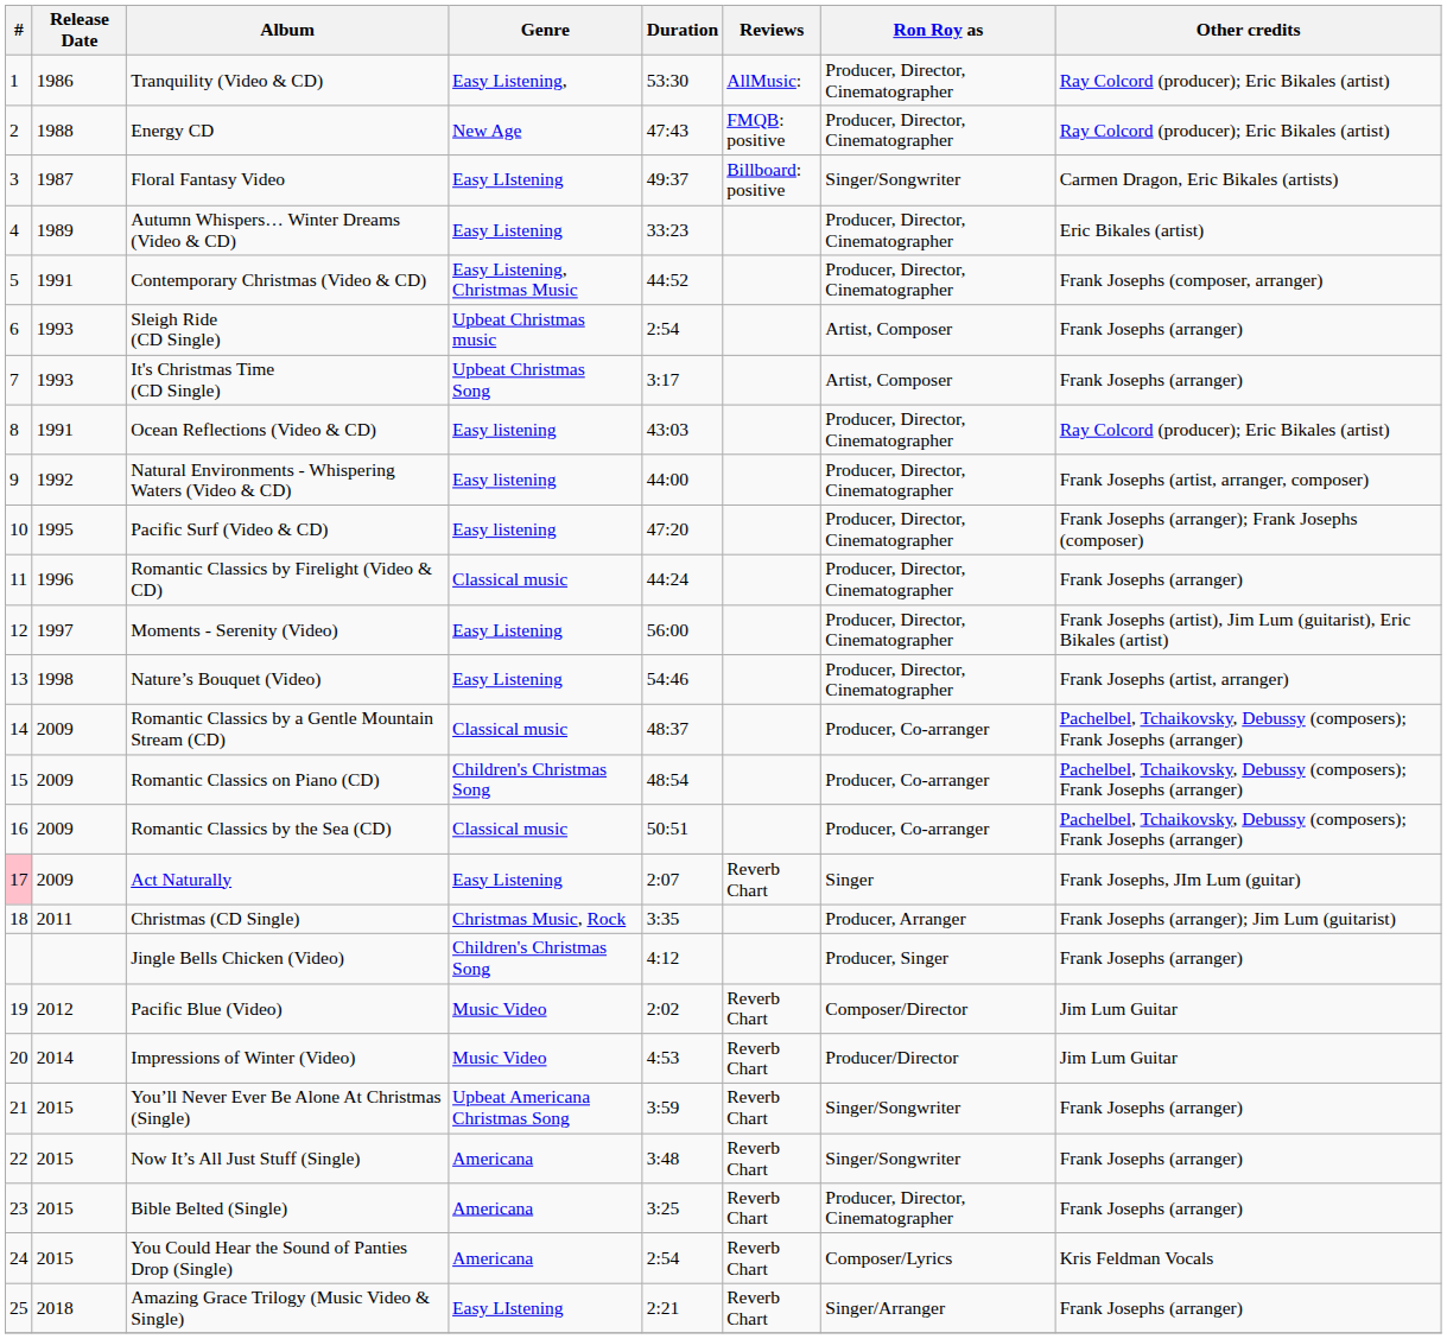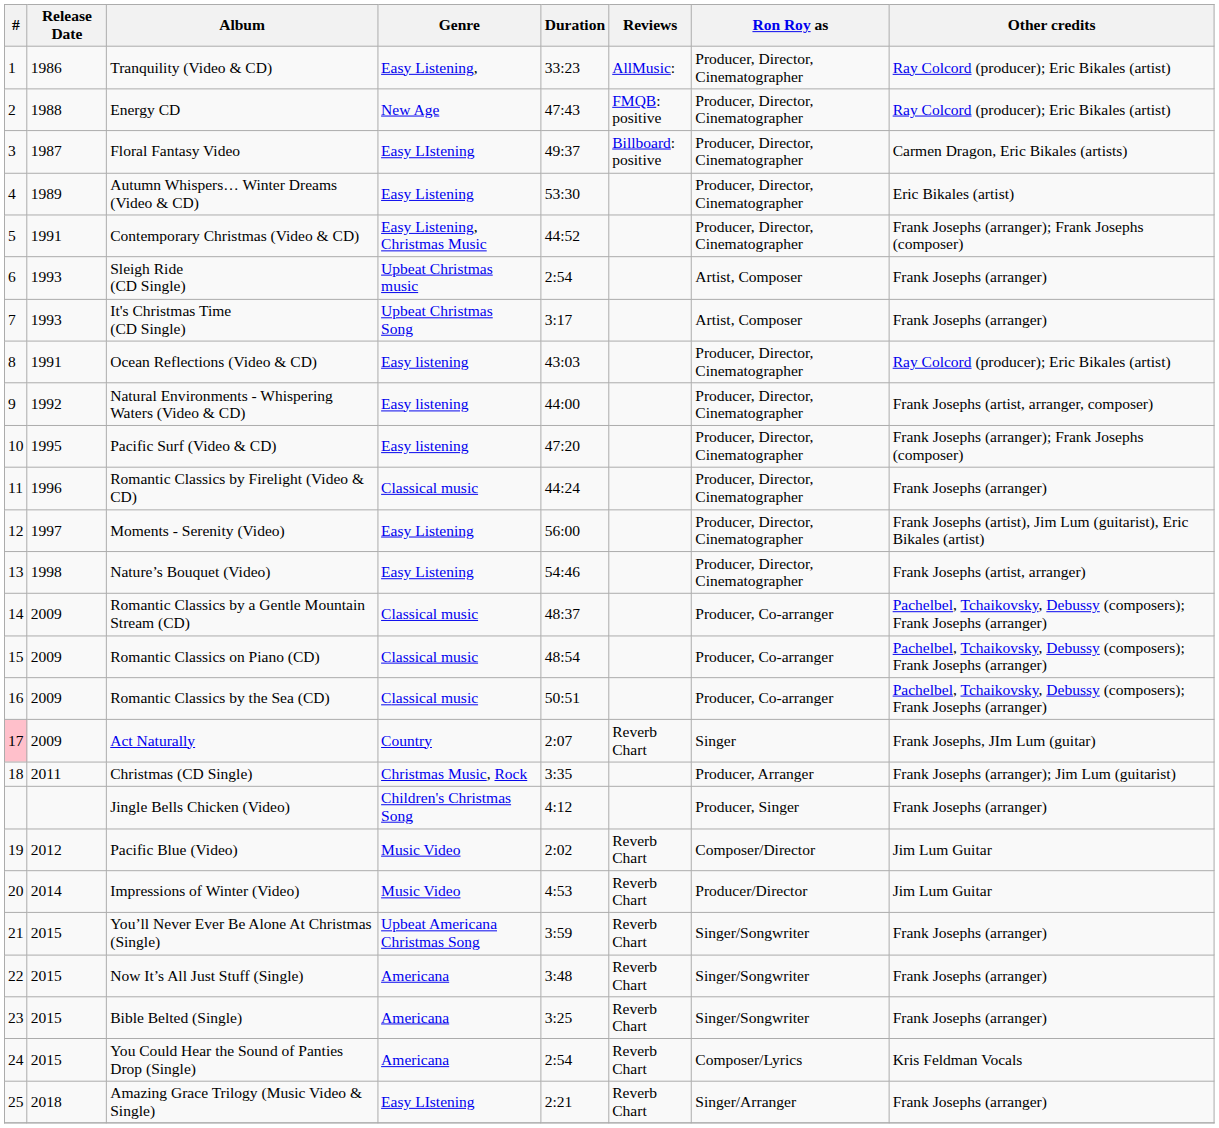 <table class="wikitable sortable">
 <tr>
 <th class="unsortable">#</th>
 <th>Release Date</th>
 <th class="unsortable">Album</th>
 <th>Genre</th>
 <th>Duration</th>
 <th>Reviews</th>
 <th class="unsortable"><a href='#'>Ron Roy</a> as</th>
 <th class="unsortable">Other credits</th>
 </tr>
 <tr>
 <td>1</td>
 <td>1986</td>
 <td>Tranquility (Video & CD)</td>
 <td><a href='#'>Easy Listening</a>,</td>
-<td>53:30</td>
+<td>33:23</td>
 <td><a href='#'>AllMusic</a>:<br> </td>
 <td>Producer, Director, Cinematographer</td>
 <td><a href='#'>Ray Colcord</a> (producer); Eric Bikales (artist)</td>
 </tr>
 <tr>
 <td>2</td>
 <td>1988</td>
 <td>Energy CD</td>
 <td><a href='#'>New Age</a></td>
 <td>47:43</td>
 <td><a href='#'>FMQB</a>:<br> positive</td>
 <td>Producer, Director, Cinematographer</td>
 <td><a href='#'>Ray Colcord</a> (producer); Eric Bikales (artist)</td>
 </tr>
 <tr>
 <td>3</td>
 <td>1987</td>
 <td>Floral Fantasy Video</td>
 <td><a href='#'>Easy LIstening</a></td>
 <td>49:37</td>
 <td><a href='#'>Billboard</a>:<br> positive</td>
-<td>Singer/Songwriter</td>
+<td>Producer, Director, Cinematographer</td>
 <td>Carmen Dragon, Eric Bikales (artists)</td>
 </tr>
 <tr>
 <td>4</td>
 <td>1989</td>
 <td>Autumn Whispers… Winter Dreams (Video & CD)</td>
 <td><a href='#'>Easy Listening</a></td>
-<td>33:23</td>
+<td>53:30</td>
 <td></td>
 <td>Producer, Director, Cinematographer</td>
 <td>Eric Bikales (artist)</td>
 </tr>
 <tr>
 <td>5</td>
 <td>1991</td>
 <td>Contemporary Christmas (Video & CD)</td>
 <td><a href='#'>Easy Listening</a>, <a href='#'>Christmas Music</a></td>
 <td>44:52</td>
 <td></td>
 <td>Producer, Director, Cinematographer</td>
-<td>Frank Josephs (composer, arranger)</td>
+<td>Frank Josephs (arranger); Frank Josephs (composer)</td>
 </tr>
 <tr>
 <td>6</td>
 <td>1993</td>
 <td>Sleigh Ride<br>(CD Single) <br></td>
 <td><a href='#'>Upbeat Christmas</a><br><a href='#'>music</a></td>
 <td>2:54</td>
 <td></td>
 <td>Artist, Composer</td>
 <td>Frank Josephs (arranger)</td>
 </tr>
 <tr>
 <td>7</td>
 <td>1993</td>
 <td>It's Christmas Time<br>(CD Single)</td>
 <td><a href='#'>Upbeat Christmas</a><br><a href='#'>Song</a></td>
 <td>3:17</td>
 <td></td>
 <td>Artist, Composer</td>
 <td>Frank Josephs (arranger)</td>
 </tr>
 <tr>
 <td>8</td>
 <td>1991</td>
 <td>Ocean Reflections (Video & CD)</td>
 <td><a href='#'>Easy listening</a></td>
 <td>43:03</td>
 <td></td>
 <td>Producer, Director, Cinematographer</td>
 <td><a href='#'>Ray Colcord</a> (producer); Eric Bikales (artist)</td>
 </tr>
 <tr>
 <td>9</td>
 <td>1992</td>
 <td>Natural Environments - Whispering Waters (Video & CD)</td>
 <td><a href='#'>Easy listening</a></td>
 <td>44:00</td>
 <td></td>
 <td>Producer, Director, Cinematographer</td>
 <td>Frank Josephs (artist, arranger, composer)</td>
 </tr>
 <tr>
 <td>10</td>
 <td>1995</td>
 <td>Pacific Surf (Video & CD)</td>
 <td><a href='#'>Easy listening</a></td>
 <td>47:20</td>
 <td></td>
 <td>Producer, Director, Cinematographer</td>
 <td>Frank Josephs (arranger); Frank Josephs (composer)</td>
 </tr>
 <tr>
 <td>11</td>
 <td>1996</td>
 <td>Romantic Classics by Firelight (Video & CD)<br></td>
 <td><a href='#'>Classical music</a></td>
 <td>44:24</td>
 <td></td>
 <td>Producer, Director, Cinematographer</td>
 <td>Frank Josephs (arranger)</td>
 </tr>
 <tr>
 <td>12</td>
 <td>1997</td>
 <td>Moments - Serenity (Video)</td>
 <td><a href='#'>Easy Listening</a></td>
 <td>56:00</td>
 <td></td>
 <td>Producer, Director, Cinematographer</td>
 <td>Frank Josephs (artist), Jim Lum (guitarist), Eric Bikales (artist)</td>
 </tr>
 <tr>
 <td>13</td>
 <td>1998</td>
 <td>Nature’s Bouquet (Video)</td>
 <td><a href='#'>Easy Listening</a></td>
 <td>54:46</td>
 <td></td>
 <td>Producer, Director, Cinematographer</td>
 <td>Frank Josephs (artist, arranger)</td>
 </tr>
 <tr>
 <td>14</td>
 <td>2009</td>
 <td>Romantic Classics by a Gentle Mountain Stream (CD)</td>
 <td><a href='#'>Classical music</a></td>
 <td>48:37</td>
 <td></td>
 <td>Producer, Co-arranger</td>
 <td><a href='#'>Pachelbel</a>, <a href='#'>Tchaikovsky</a>, <a href='#'>Debussy</a> (composers); Frank Josephs (arranger)</td>
 </tr>
 <tr>
 <td>15</td>
 <td>2009</td>
 <td>Romantic Classics on Piano (CD)</td>
-<td><a href='#'>Children's Christmas Song</a></td>
+<td><a href='#'>Classical music</a></td>
 <td>48:54</td>
 <td></td>
 <td>Producer, Co-arranger</td>
 <td><a href='#'>Pachelbel</a>, <a href='#'>Tchaikovsky</a>, <a href='#'>Debussy</a> (composers); Frank Josephs (arranger)</td>
 </tr>
 <tr>
 <td>16</td>
 <td>2009</td>
 <td>Romantic Classics by the Sea (CD)</td>
 <td><a href='#'>C</a><a href='#'>lassical music</a></td>
 <td>50:51</td>
 <td></td>
 <td>Producer, Co-arranger</td>
 <td><a href='#'>Pachelbel</a>, <a href='#'>Tchaikovsky</a>, <a href='#'>Debussy</a> (composers); Frank Josephs (arranger)</td>
 </tr>
 <tr>
 <td style="background: pink;">17</td>
 <td>2009</td>
 <td><a href='#'>Act Naturally</a></td>
-<td><a href='#'>Easy Listening</a></td>
+<td><a href='#'>Country</a></td>
 <td>2:07</td>
 <td>Reverb Chart</td>
 <td>Singer</td>
 <td>Frank Josephs, JIm Lum (guitar)</td>
 </tr>
 <tr>
 <td>18</td>
 <td>2011</td>
 <td>Christmas (CD Single)<br></td>
 <td><a href='#'>Christmas Music</a>, <a href='#'>Rock</a></td>
 <td>3:35</td>
 <td></td>
 <td>Producer, Arranger</td>
 <td>Frank Josephs (arranger); Jim Lum (guitarist)</td>
 </tr>
 <tr>
 <td></td>
 <td></td>
 <td>Jingle Bells Chicken (Video)</td>
 <td><a href='#'>Children's Christmas Song</a></td>
 <td>4:12</td>
 <td></td>
 <td>Producer, Singer</td>
 <td>Frank Josephs (arranger)</td>
 </tr>
 <tr>
 <td>19</td>
 <td>2012</td>
 <td>Pacific Blue (Video)</td>
 <td><a href='#'>Music Video</a></td>
 <td>2:02</td>
 <td>Reverb Chart</td>
 <td>Composer/Director</td>
 <td>Jim Lum Guitar</td>
 </tr>
 <tr>
 <td>20</td>
 <td>2014</td>
 <td>Impressions of Winter (Video)</td>
 <td><a href='#'>Music Video</a></td>
 <td>4:53</td>
 <td>Reverb Chart</td>
 <td>Producer/Director</td>
 <td>Jim Lum Guitar</td>
 </tr>
 <tr>
 <td>21</td>
 <td>2015</td>
 <td>You’ll Never Ever Be Alone At Christmas (Single)</td>
 <td><a href='#'>Upbeat Americana</a><br><a href='#'>Christmas Song</a></td>
 <td>3:59</td>
 <td>Reverb Chart</td>
 <td>Singer/Songwriter</td>
 <td>Frank Josephs (arranger)</td>
 </tr>
 <tr>
 <td>22</td>
 <td>2015</td>
 <td>Now It’s All Just Stuff (Single)</td>
 <td><a href='#'>Americana</a></td>
 <td>3:48</td>
 <td>Reverb Chart</td>
 <td>Singer/Songwriter</td>
 <td>Frank Josephs (arranger)</td>
 </tr>
 <tr>
 <td>23</td>
 <td>2015</td>
 <td>Bible Belted (Single)</td>
 <td><a href='#'>Americana</a></td>
 <td>3:25</td>
 <td>Reverb Chart</td>
-<td>Producer, Director, Cinematographer</td>
+<td>Singer/Songwriter</td>
 <td>Frank Josephs (arranger)</td>
 </tr>
 <tr>
 <td>24</td>
 <td>2015</td>
 <td>You Could Hear the Sound of Panties Drop (Single)</td>
 <td><a href='#'>Americana</a></td>
 <td>2:54</td>
 <td>Reverb Chart</td>
 <td>Composer/Lyrics</td>
 <td>Kris Feldman Vocals</td>
 </tr>
 <tr>
 <td>25</td>
 <td>2018</td>
 <td>Amazing Grace Trilogy (Music Video & Single)</td>
 <td><a href='#'>Easy LIstening</a></td>
 <td>2:21</td>
 <td>Reverb Chart</td>
 <td>Singer/Arranger</td>
 <td>Frank Josephs (arranger)</td>
 </tr>
 <tr>
 </tr>
 </table>
